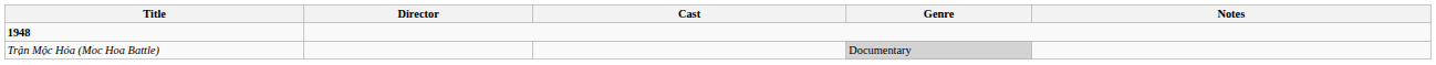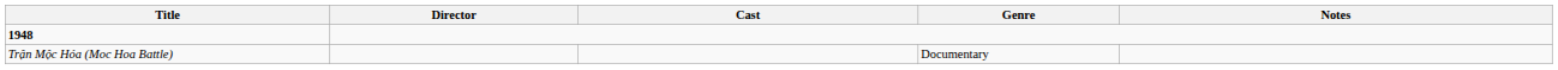 <table class="wikitable" width= "100%">
 <tr>
 <th width=21%>Title</th>
 <th width=16%>Director</th>
 <th width=22%>Cast</th>
 <th width=13%>Genre</th>
 <th width=28%>Notes</th>
 </tr>
 <tr>
 <td><strong>1948</strong></td>
 </tr>
 <tr>
 <td><em>Trận Mộc Hóa (Moc Hoa Battle)</em></td>
 <td></td>
 <td></td>
-<td style="background: lightgrey;">Documentary</td>
+<td>Documentary</td>
 <td></td>
 </tr>
 </table>
